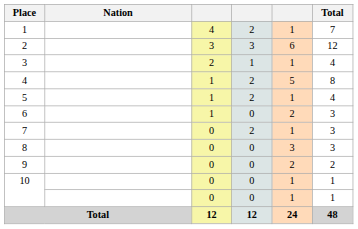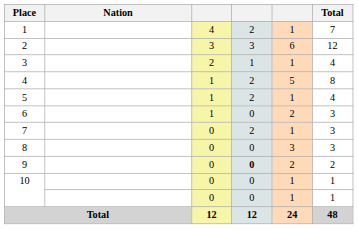 <table class=wikitable style="border:1px solid #AAAAAA;font-size:90%">
 <tr bgcolor="#EFEFEF">
 <th width=50>Place</th>
 <th width=200>Nation</th>
 <th width=50></th>
 <th width=50></th>
 <th width=50></th>
 <th width=50>Total</th>
 </tr>
 <tr align="center" valign="top" bgcolor="#FFFFFF">
 <td>1</td>
 <td align="left"></td>
 <td style="background:#F7F6A8;">4</td>
 <td style="background:#DCE5E5;">2</td>
 <td style="background:#FFDAB9;">1</td>
 <td>7</td>
 </tr>
 <tr align="center" valign="top" bgcolor="#FFFFFF">
 <td>2</td>
 <td align="left"></td>
 <td style="background:#F7F6A8;">3</td>
 <td style="background:#DCE5E5;">3</td>
 <td style="background:#FFDAB9;">6</td>
 <td>12</td>
 </tr>
 <tr align="center" valign="top" bgcolor="#FFFFFF">
 <td>3</td>
 <td align="left"></td>
 <td style="background:#F7F6A8;">2</td>
 <td style="background:#DCE5E5;">1</td>
 <td style="background:#FFDAB9;">1</td>
 <td>4</td>
 </tr>
 <tr align="center" valign="top" bgcolor="#FFFFFF">
 <td>4</td>
 <td align="left"></td>
 <td style="background:#F7F6A8;">1</td>
 <td style="background:#DCE5E5;">2</td>
 <td style="background:#FFDAB9;">5</td>
 <td>8</td>
 </tr>
 <tr align="center" valign="top" bgcolor="#FFFFFF">
 <td>5</td>
 <td align="left"></td>
 <td style="background:#F7F6A8;">1</td>
 <td style="background:#DCE5E5;">2</td>
 <td style="background:#FFDAB9;">1</td>
 <td>4</td>
 </tr>
 <tr align="center" valign="top" bgcolor="#FFFFFF">
 <td>6</td>
 <td align="left"></td>
 <td style="background:#F7F6A8;">1</td>
 <td style="background:#DCE5E5;">0</td>
 <td style="background:#FFDAB9;">2</td>
 <td>3</td>
 </tr>
 <tr align="center" valign="top" bgcolor="#FFFFFF">
 <td>7</td>
 <td align="left"></td>
 <td style="background:#F7F6A8;">0</td>
 <td style="background:#DCE5E5;">2</td>
 <td style="background:#FFDAB9;">1</td>
 <td>3</td>
 </tr>
 <tr align="center" valign="top" bgcolor="#FFFFFF">
 <td>8</td>
 <td align="left"></td>
 <td style="background:#F7F6A8;">0</td>
 <td style="background:#DCE5E5;">0</td>
 <td style="background:#FFDAB9;">3</td>
 <td>3</td>
 </tr>
 <tr align="center" valign="top" bgcolor="#FFFFFF">
 <td>9</td>
 <td align="left"></td>
 <td style="background:#F7F6A8;">0</td>
-<td style="background:#DCE5E5;">0</td>
+<td style="background:#DCE5E5;"><strong>0</strong></td>
 <td style="background:#FFDAB9;">2</td>
 <td>2</td>
 </tr>
 <tr align="center" valign="top" bgcolor="#FFFFFF">
 <td rowspan="2" valign="center">10</td>
 <td align="left"></td>
 <td style="background:#F7F6A8;">0</td>
 <td style="background:#DCE5E5;">0</td>
 <td style="background:#FFDAB9;">1</td>
 <td>1</td>
 </tr>
 <tr align="center" valign="top" bgcolor="#FFFFFF">
 <td align="left"></td>
 <td style="background:#F7F6A8;">0</td>
 <td style="background:#DCE5E5;">0</td>
 <td style="background:#FFDAB9;">1</td>
 <td>1</td>
 </tr>
 <tr align="center">
 <td colspan="2" bgcolor=D3D3D3><strong>Total</strong></td>
 <td style="background:#F7F6A8;"><strong>12</strong></td>
 <td style="background:#DCE5E5;"><strong>12</strong></td>
 <td style="background:#FFDAB9;"><strong>24</strong></td>
 <td bgcolor=D3D3D3><strong>48</strong></td>
 </tr>
 </table>
